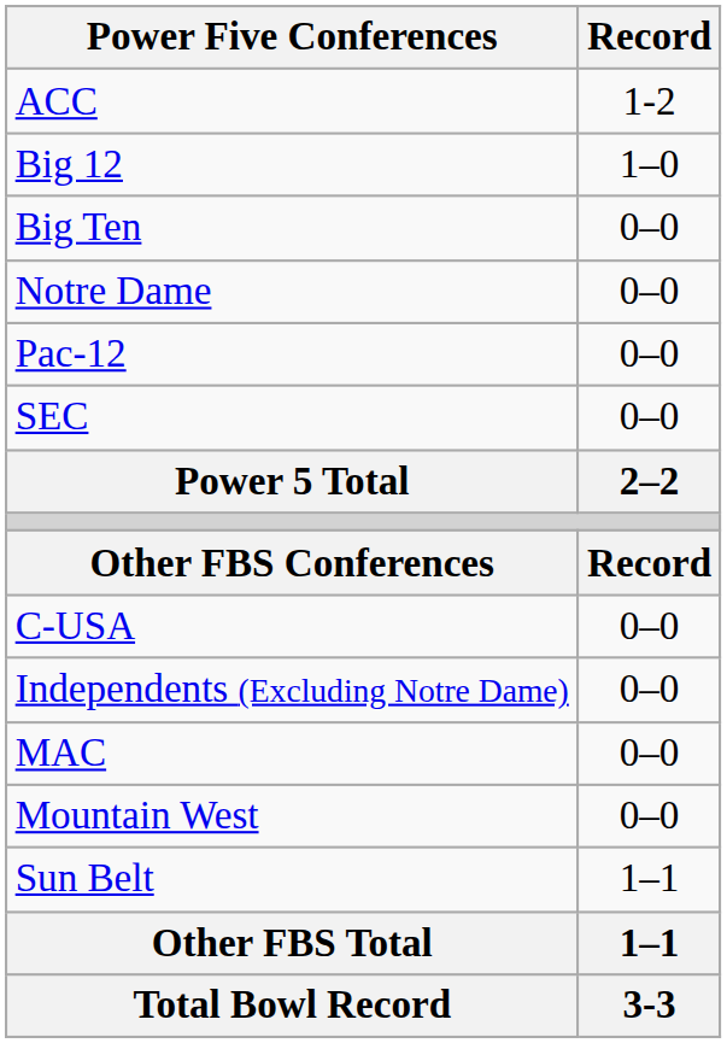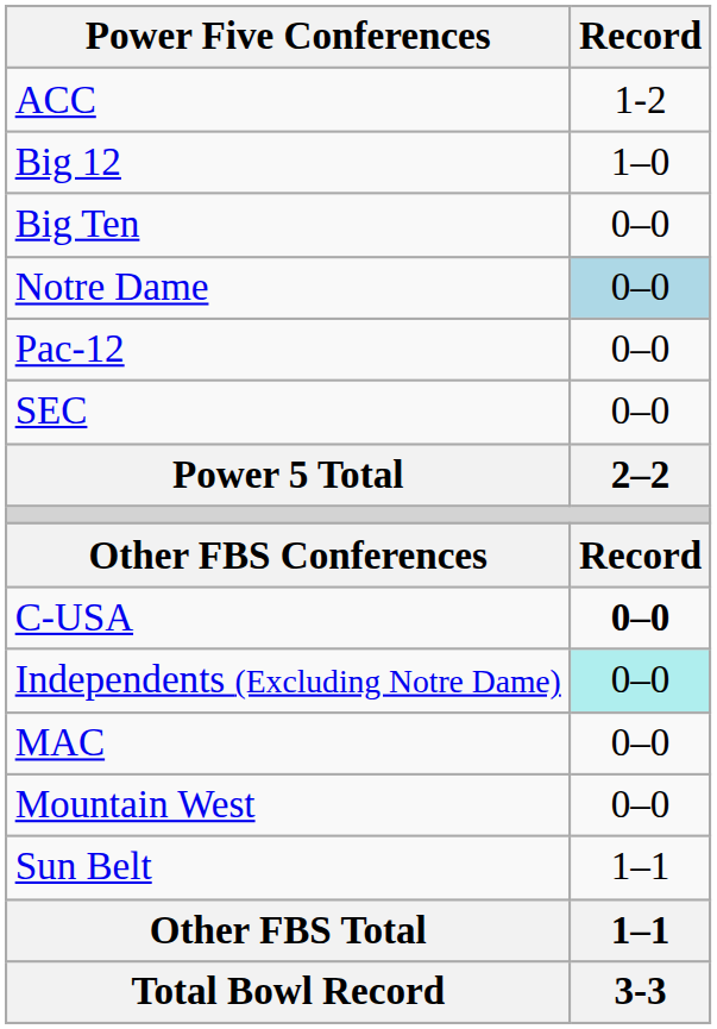 <table class="wikitable">
 <tr>
 <th>Power Five Conferences</th>
 <th>Record</th>
 </tr>
 <tr>
 <td><a href='#'>ACC</a></td>
 <td align=center>1-2</td>
 </tr>
 <tr>
 <td><a href='#'>Big 12</a></td>
 <td align=center>1–0</td>
 </tr>
 <tr>
 <td><a href='#'>Big Ten</a></td>
 <td align=center>0–0</td>
 </tr>
 <tr>
 <td><a href='#'>Notre Dame</a></td>
-<td align=center>0–0</td>
+<td align=center style="background: lightblue;">0–0</td>
 </tr>
 <tr>
 <td><a href='#'>Pac-12</a></td>
 <td align=center>0–0</td>
 </tr>
 <tr>
 <td><a href='#'>SEC</a></td>
 <td align=center>0–0</td>
 </tr>
 <tr>
 <th>Power 5 Total</th>
 <th>2–2</th>
 </tr>
 <tr>
 <th colspan="2" style="background:lightgrey;"></th>
 </tr>
 <tr>
 <th>Other FBS Conferences</th>
 <th>Record</th>
 </tr>
 <tr>
 <td><a href='#'>C-USA</a></td>
-<td align=center>0–0</td>
+<td align=center><strong>0–0</strong></td>
 </tr>
 <tr>
 <td><a href='#'>Independents <small>(Excluding Notre Dame)</small></a></td>
-<td align=center>0–0</td>
+<td align=center style="background: paleturquoise;">0–0</td>
 </tr>
 <tr>
 <td><a href='#'>MAC</a></td>
 <td align=center>0–0</td>
 </tr>
 <tr>
 <td><a href='#'>Mountain West</a></td>
 <td align=center>0–0</td>
 </tr>
 <tr>
 <td><a href='#'>Sun Belt</a></td>
 <td align=center>1–1</td>
 </tr>
 <tr>
 <th>Other FBS Total</th>
 <th>1–1</th>
 </tr>
 <tr>
 <th>Total Bowl Record</th>
 <th>3-3</th>
 </tr>
 </table>
